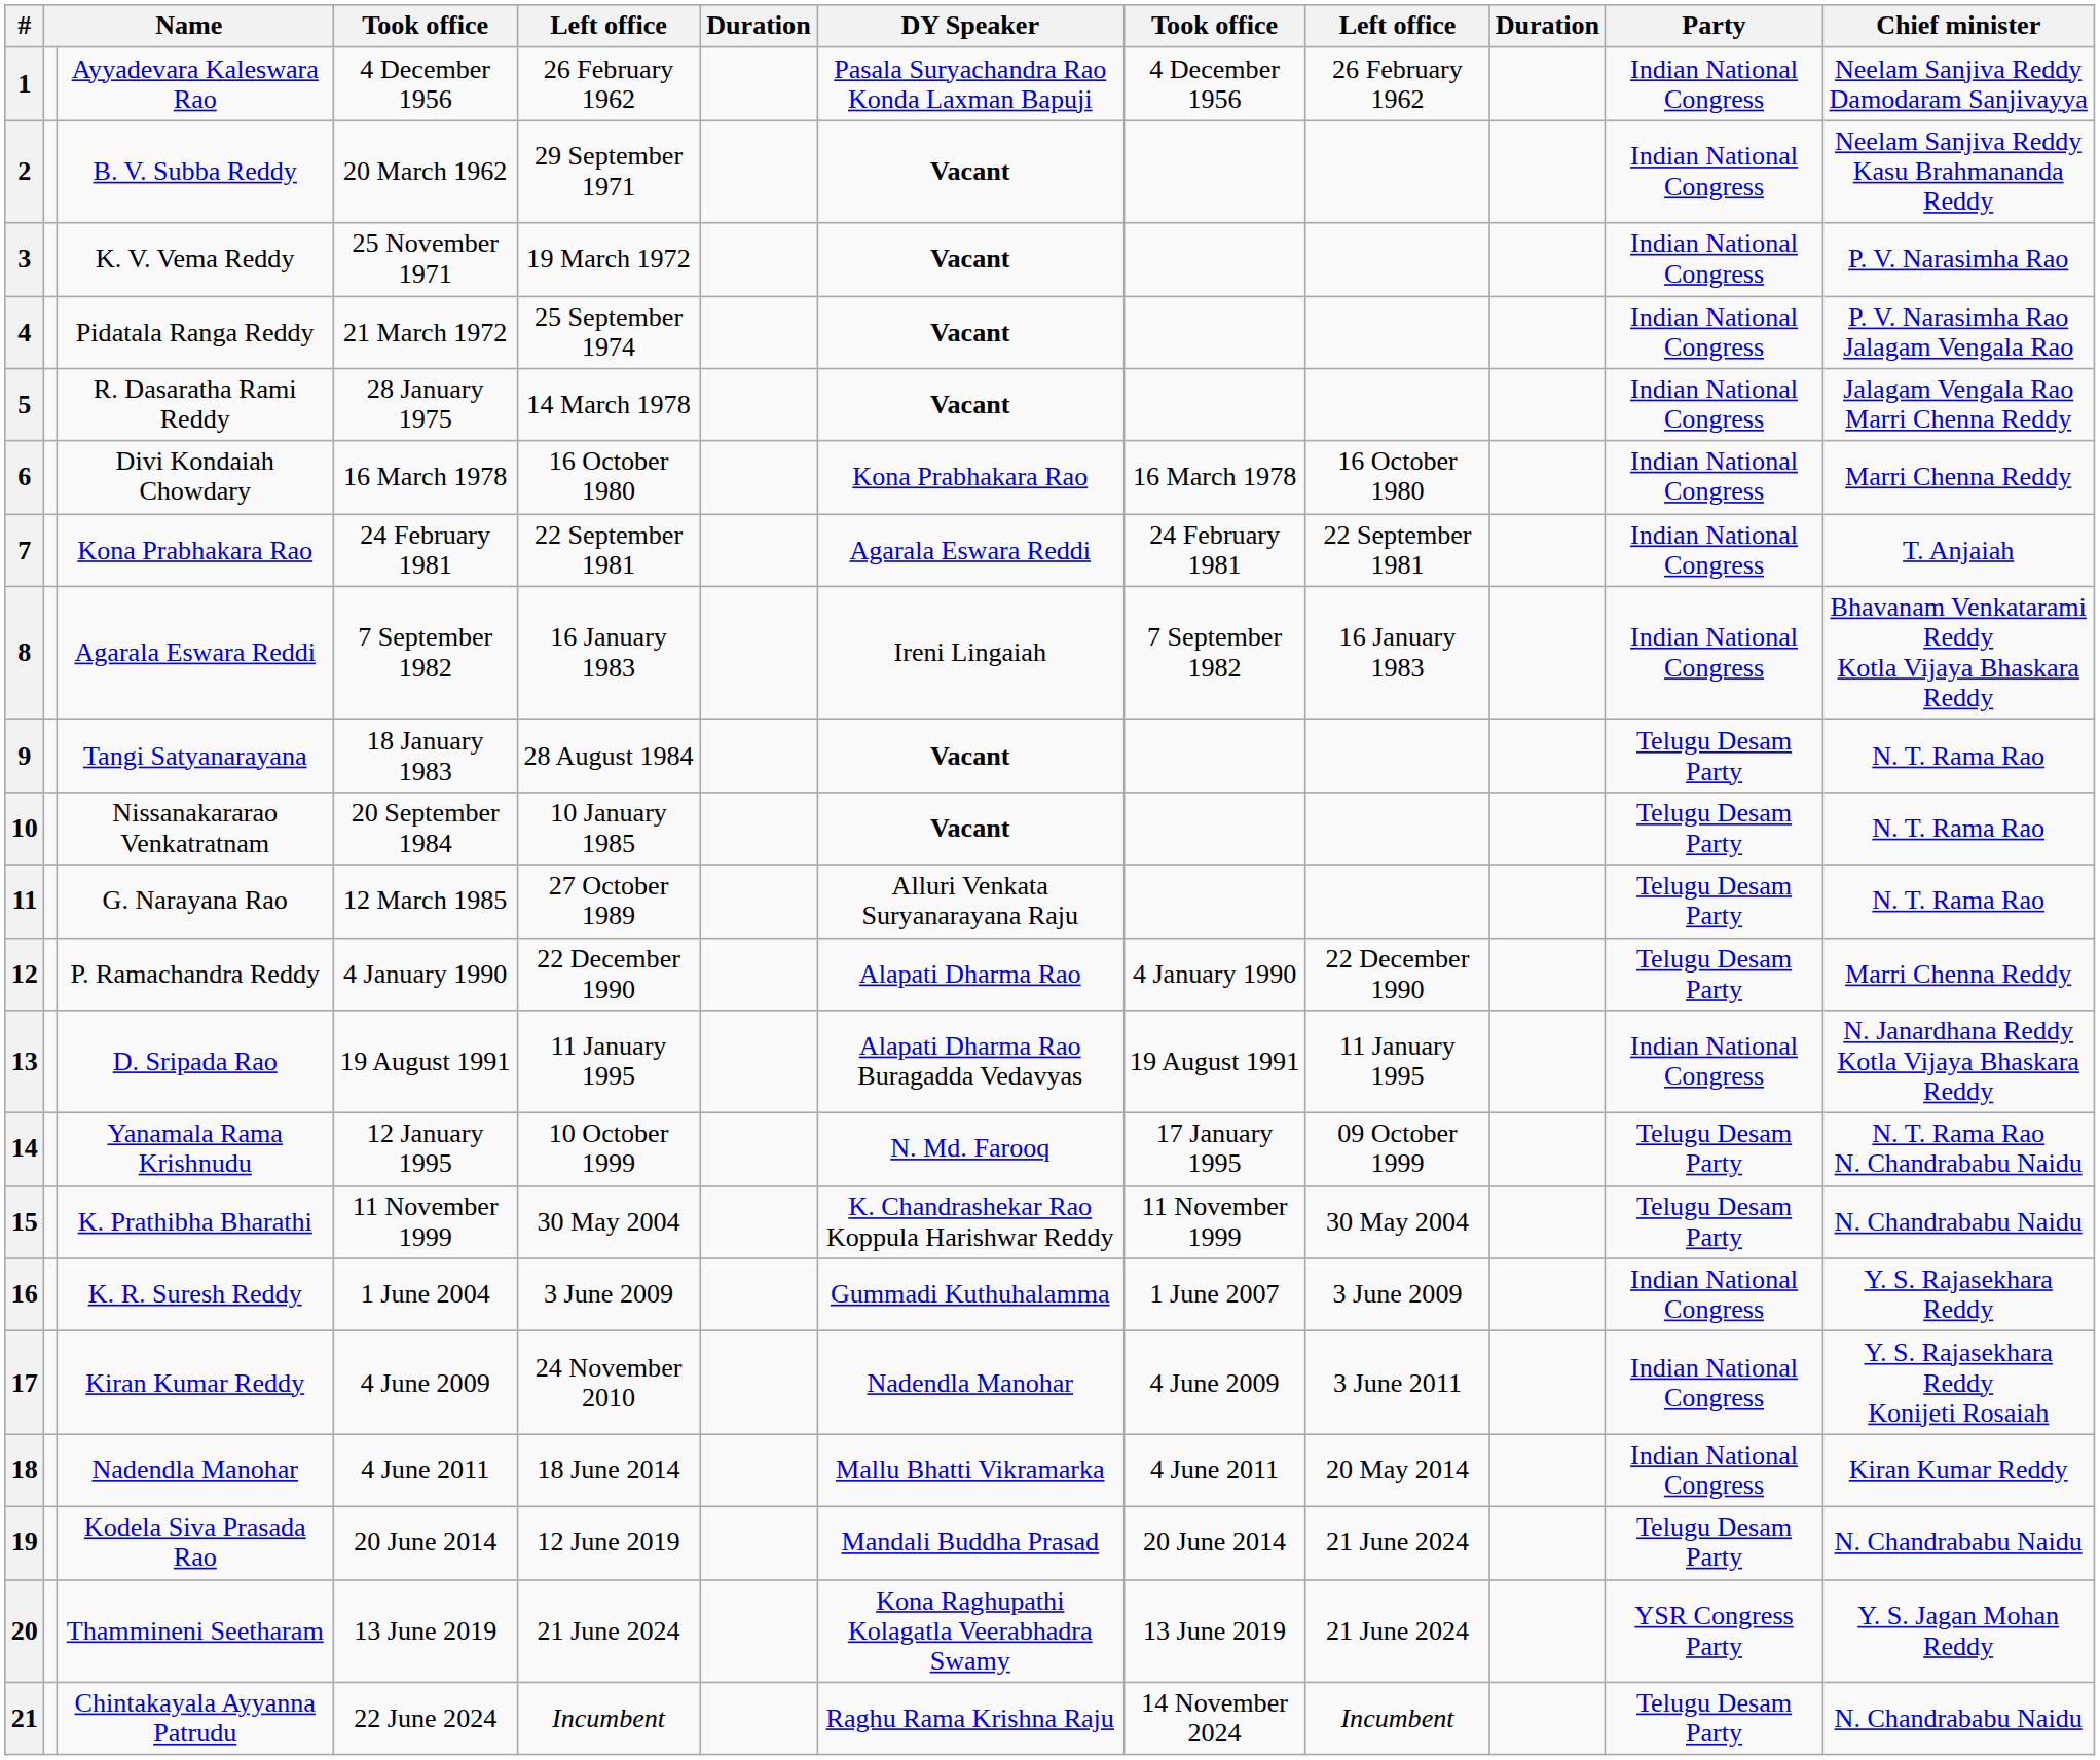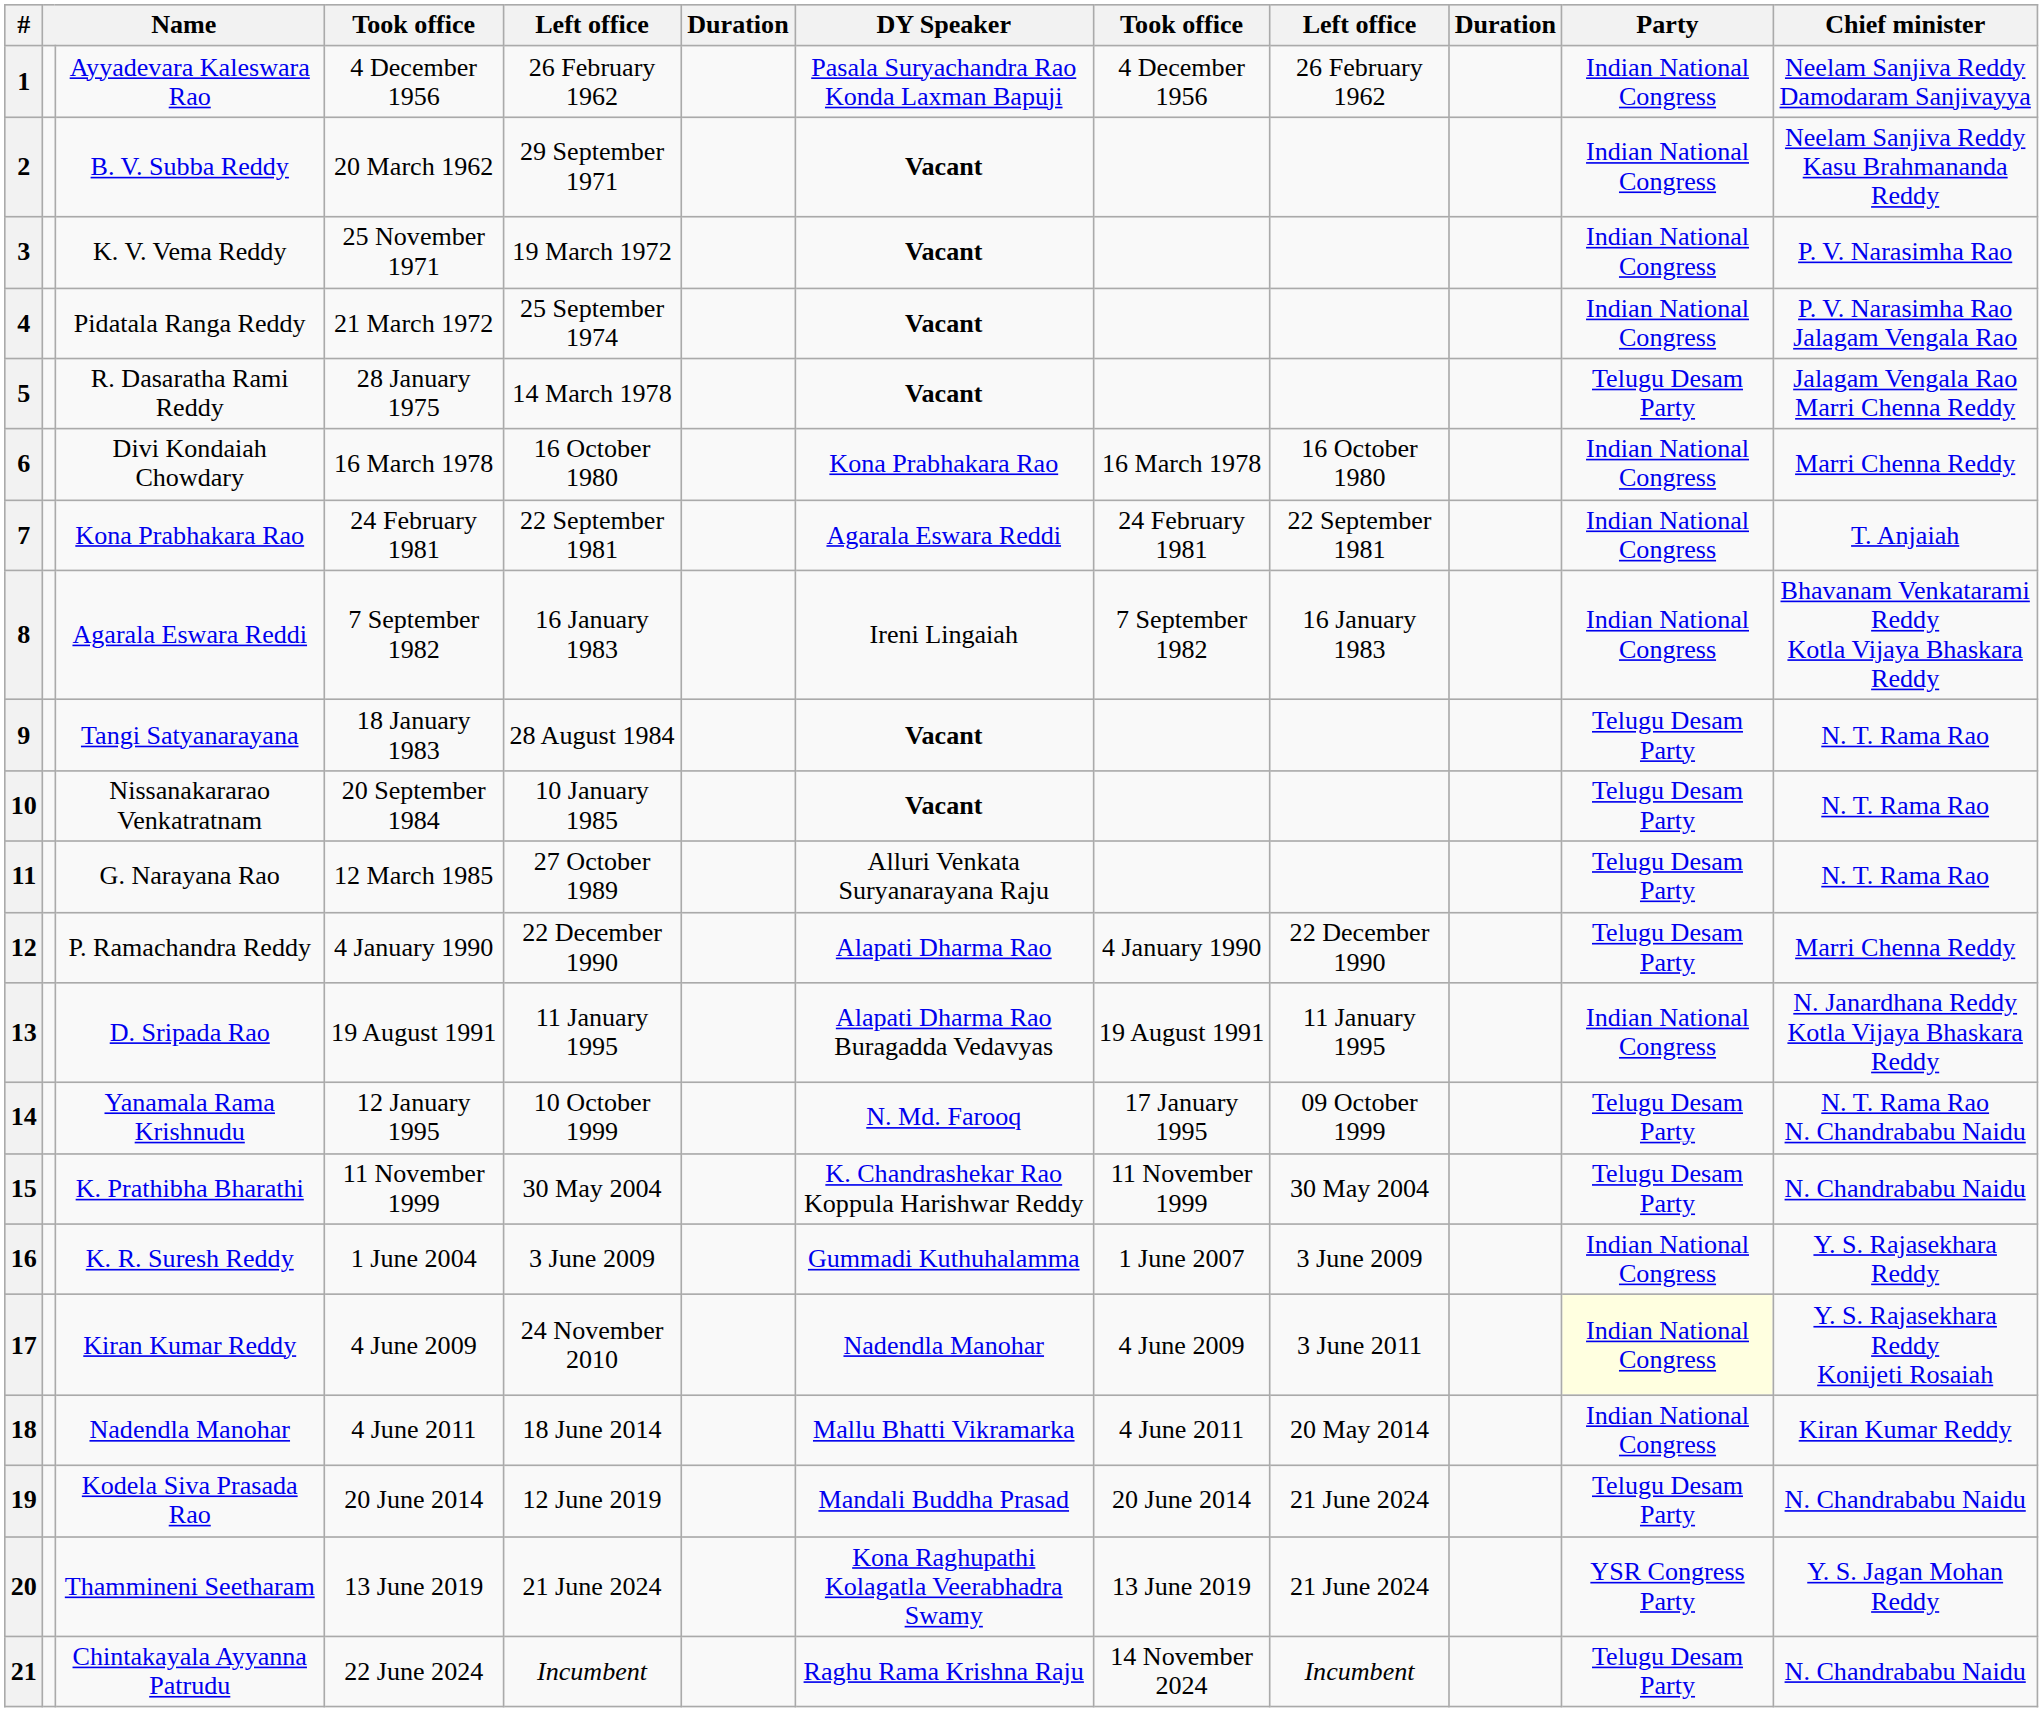 <table class="wikitable  sortable" style="text-align:center">
 <tr>
 <th>#</th>
 <th colspan="2">Name<br></th>
 <th>Took office</th>
 <th>Left office</th>
 <th>Duration</th>
 <th>DY Speaker</th>
 <th>Took office</th>
 <th>Left office</th>
 <th>Duration</th>
 <th>Party</th>
 <th>Chief minister</th>
 </tr>
 <tr>
 <th>1</th>
 <td></td>
 <td><a href='#'>Ayyadevara Kaleswara Rao</a><br></td>
 <td>4 December 1956</td>
 <td>26 February 1962</td>
 <td><strong></strong></td>
 <td><a href='#'>Pasala Suryachandra Rao</a><br><a href='#'>Konda Laxman Bapuji</a></td>
 <td>4 December 1956</td>
 <td>26 February 1962</td>
 <td><strong></strong></td>
 <td><a href='#'>Indian National Congress</a></td>
 <td><a href='#'>Neelam Sanjiva Reddy</a> <br><a href='#'>Damodaram Sanjivayya</a></td>
 </tr>
 <tr>
 <th>2</th>
 <td></td>
 <td><a href='#'>B. V. Subba Reddy</a><br></td>
 <td>20 March 1962</td>
 <td>29 September 1971</td>
 <td><strong></strong></td>
 <td><strong>Vacant</strong></td>
 <td></td>
 <td></td>
 <td></td>
 <td><a href='#'>Indian National Congress</a></td>
 <td><a href='#'>Neelam Sanjiva Reddy</a> <br><a href='#'>Kasu Brahmananda Reddy</a></td>
 </tr>
 <tr>
 <th>3</th>
 <td></td>
 <td>K. V. Vema Reddy</td>
 <td>25 November 1971</td>
 <td>19 March 1972</td>
 <td><strong></strong></td>
 <td><strong>Vacant</strong></td>
 <td></td>
 <td></td>
 <td></td>
 <td><a href='#'>Indian National Congress</a></td>
 <td><a href='#'>P. V. Narasimha Rao</a></td>
 </tr>
 <tr>
 <th>4</th>
 <td></td>
 <td>Pidatala Ranga Reddy</td>
 <td>21 March 1972</td>
 <td>25 September 1974</td>
 <td><strong></strong></td>
 <td><strong>Vacant</strong></td>
 <td></td>
 <td></td>
 <td></td>
 <td><a href='#'>Indian National Congress</a></td>
 <td><a href='#'>P. V. Narasimha Rao</a> <br><a href='#'>Jalagam Vengala Rao</a></td>
 </tr>
 <tr>
 <th>5</th>
 <td></td>
 <td>R. Dasaratha Rami Reddy</td>
 <td>28 January 1975</td>
 <td>14 March 1978</td>
 <td><strong></strong></td>
 <td><strong>Vacant</strong></td>
 <td></td>
 <td></td>
 <td></td>
-<td><a href='#'>Indian National Congress</a></td>
+<td><a href='#'>Telugu Desam Party</a></td>
 <td><a href='#'>Jalagam Vengala Rao</a> <br><a href='#'>Marri Chenna Reddy</a></td>
 </tr>
 <tr>
 <th>6</th>
 <td></td>
 <td>Divi Kondaiah Chowdary</td>
 <td>16 March 1978</td>
 <td>16 October 1980</td>
 <td><strong></strong></td>
 <td><a href='#'>Kona Prabhakara Rao</a></td>
 <td>16 March 1978</td>
 <td>16 October 1980</td>
 <td><strong></strong></td>
 <td><a href='#'>Indian National Congress</a></td>
 <td><a href='#'>Marri Chenna Reddy</a></td>
 </tr>
 <tr>
 <th>7</th>
 <td></td>
 <td><a href='#'>Kona Prabhakara Rao</a></td>
 <td>24 February 1981</td>
 <td>22 September 1981</td>
 <td><strong></strong></td>
 <td><a href='#'>Agarala Eswara Reddi</a></td>
 <td>24 February 1981</td>
 <td>22 September 1981</td>
 <td><strong></strong></td>
 <td><a href='#'>Indian National Congress</a></td>
 <td><a href='#'>T. Anjaiah</a></td>
 </tr>
 <tr>
 <th>8</th>
 <td></td>
 <td><a href='#'>Agarala Eswara Reddi</a></td>
 <td>7 September 1982</td>
 <td>16 January 1983</td>
 <td><strong></strong></td>
 <td>Ireni Lingaiah</td>
 <td>7 September 1982</td>
 <td>16 January 1983</td>
 <td><strong></strong></td>
 <td><a href='#'>Indian National Congress</a></td>
 <td><a href='#'>Bhavanam Venkatarami Reddy</a> <br><a href='#'>Kotla Vijaya Bhaskara Reddy</a></td>
 </tr>
 <tr>
 <th>9</th>
 <td></td>
 <td><a href='#'>Tangi Satyanarayana</a></td>
 <td>18 January 1983</td>
 <td>28 August 1984</td>
 <td><strong></strong></td>
 <td><strong>Vacant</strong></td>
 <td></td>
 <td></td>
 <td></td>
 <td><a href='#'>Telugu Desam Party</a></td>
 <td><a href='#'>N. T. Rama Rao</a></td>
 </tr>
 <tr>
 <th>10</th>
 <td></td>
 <td>Nissanakararao Venkatratnam</td>
 <td>20 September 1984</td>
 <td>10 January 1985</td>
 <td><strong></strong></td>
 <td><strong>Vacant</strong></td>
 <td></td>
 <td></td>
 <td></td>
 <td><a href='#'>Telugu Desam Party</a></td>
 <td><a href='#'>N. T. Rama Rao</a></td>
 </tr>
 <tr>
 <th>11</th>
 <td></td>
 <td>G. Narayana Rao</td>
 <td>12 March 1985</td>
 <td>27 October 1989</td>
 <td><strong></strong></td>
 <td>Alluri Venkata Suryanarayana Raju</td>
 <td></td>
 <td></td>
 <td></td>
 <td><a href='#'>Telugu Desam Party</a></td>
 <td><a href='#'>N. T. Rama Rao</a></td>
 </tr>
 <tr>
 <th>12</th>
 <td></td>
 <td>P. Ramachandra Reddy</td>
 <td>4 January 1990</td>
 <td>22 December 1990</td>
 <td><strong></strong></td>
 <td><a href='#'>Alapati Dharma Rao</a></td>
 <td>4 January 1990</td>
 <td>22 December 1990</td>
 <td><strong></strong></td>
 <td><a href='#'>Telugu Desam Party</a></td>
 <td><a href='#'>Marri Chenna Reddy</a></td>
 </tr>
 <tr>
 <th>13</th>
 <td></td>
 <td><a href='#'>D. Sripada Rao</a></td>
 <td>19 August 1991</td>
 <td>11 January 1995</td>
 <td><strong></strong></td>
 <td><a href='#'>Alapati Dharma Rao</a><br>Buragadda Vedavyas</td>
 <td>19 August 1991</td>
 <td>11 January 1995</td>
 <td><strong></strong></td>
 <td><a href='#'>Indian National Congress</a></td>
 <td><a href='#'>N. Janardhana Reddy</a> <br><a href='#'>Kotla Vijaya Bhaskara Reddy</a></td>
 </tr>
 <tr>
 <th>14</th>
 <td></td>
 <td><a href='#'>Yanamala Rama Krishnudu</a></td>
 <td>12 January 1995</td>
 <td>10 October 1999</td>
 <td><strong></strong></td>
 <td><a href='#'>N. Md. Farooq</a></td>
 <td>17 January 1995</td>
 <td>09 October 1999</td>
 <td><strong></strong></td>
 <td><a href='#'>Telugu Desam Party</a></td>
 <td><a href='#'>N. T. Rama Rao</a><br><a href='#'>N. Chandrababu Naidu</a></td>
 </tr>
 <tr>
 <th>15</th>
 <td></td>
 <td><a href='#'>K. Prathibha Bharathi</a></td>
 <td>11 November 1999</td>
 <td>30 May 2004</td>
 <td><strong></strong></td>
 <td><a href='#'>K. Chandrashekar Rao</a><br> Koppula Harishwar Reddy</td>
 <td>11 November 1999</td>
 <td>30 May 2004</td>
 <td><strong></strong></td>
 <td><a href='#'>Telugu Desam Party</a></td>
 <td><a href='#'>N. Chandrababu Naidu</a></td>
 </tr>
 <tr>
 <th>16</th>
 <td></td>
 <td><a href='#'>K. R. Suresh Reddy</a></td>
 <td>1 June 2004</td>
 <td>3 June 2009</td>
 <td><strong></strong></td>
 <td><a href='#'>Gummadi Kuthuhalamma</a></td>
 <td>1 June 2007</td>
 <td>3 June 2009</td>
 <td><strong></strong></td>
 <td><a href='#'>Indian National Congress</a></td>
 <td><a href='#'>Y. S. Rajasekhara Reddy</a></td>
 </tr>
 <tr>
 <th>17</th>
 <td></td>
 <td><a href='#'>Kiran Kumar Reddy</a></td>
 <td>4 June 2009</td>
 <td>24 November 2010</td>
 <td><strong></strong></td>
 <td><a href='#'>Nadendla Manohar</a></td>
 <td>4 June 2009</td>
 <td>3 June 2011</td>
 <td><strong></strong></td>
-<td><a href='#'>Indian National Congress</a></td>
+<td style="background: lightyellow;"><a href='#'>Indian National Congress</a></td>
 <td><a href='#'>Y. S. Rajasekhara Reddy</a> <br> <a href='#'>Konijeti Rosaiah</a></td>
 </tr>
 <tr>
 <th>18</th>
 <td></td>
 <td><a href='#'>Nadendla Manohar</a></td>
 <td>4 June 2011</td>
 <td>18 June 2014</td>
 <td><strong></strong></td>
 <td><a href='#'>Mallu Bhatti Vikramarka</a></td>
 <td>4 June 2011</td>
 <td>20 May 2014</td>
 <td><strong></strong></td>
 <td><a href='#'>Indian National Congress</a></td>
 <td><a href='#'>Kiran Kumar Reddy</a></td>
 </tr>
 <tr>
 <th>19</th>
 <td></td>
 <td><a href='#'>Kodela Siva Prasada Rao</a></td>
 <td>20 June 2014</td>
 <td>12 June 2019</td>
 <td><strong></strong></td>
 <td><a href='#'>Mandali Buddha Prasad</a></td>
 <td>20 June 2014</td>
 <td>21 June 2024</td>
 <td><strong></strong></td>
 <td><a href='#'>Telugu Desam Party</a></td>
 <td><a href='#'>N. Chandrababu Naidu</a></td>
 </tr>
 <tr>
 <th>20</th>
 <td></td>
 <td><a href='#'>Thammineni Seetharam</a></td>
 <td>13 June 2019</td>
 <td>21 June 2024</td>
 <td><strong></strong></td>
 <td><a href='#'>Kona Raghupathi</a><br><a href='#'>Kolagatla Veerabhadra Swamy</a></td>
 <td>13 June 2019</td>
 <td>21 June 2024</td>
 <td><strong></strong></td>
 <td><a href='#'>YSR Congress Party</a></td>
 <td><a href='#'>Y. S. Jagan Mohan Reddy</a></td>
 </tr>
 <tr>
 <th>21</th>
 <td></td>
 <td><a href='#'>Chintakayala Ayyanna Patrudu</a></td>
 <td>22 June 2024</td>
 <td><em>Incumbent</em></td>
 <td><strong></strong></td>
 <td><a href='#'>Raghu Rama Krishna Raju</a></td>
 <td>14 November 2024</td>
 <td><em>Incumbent</em></td>
 <td><strong></strong></td>
 <td><a href='#'>Telugu Desam Party</a></td>
 <td><a href='#'>N. Chandrababu Naidu</a></td>
 </tr>
 </table>
